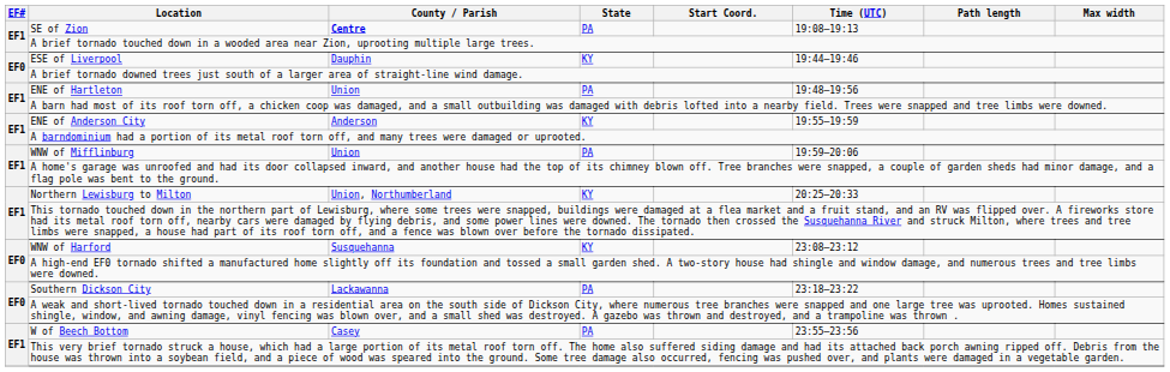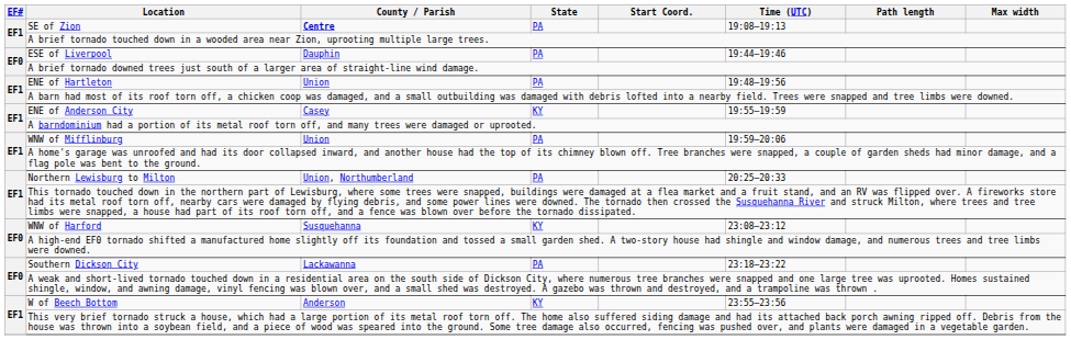 <table class="wikitable sortable" style="width:100%;">
 <tr>
 <th scope="col" width="2%" align="center"><a href='#'>EF#</a></th>
 <th scope="col" align="center" class="unsortable">Location</th>
 <th scope="col" align="center" class="unsortable">County / Parish</th>
 <th scope="col" align="center">State</th>
 <th scope="col" align="center">Start Coord.</th>
 <th scope="col" align="center">Time (<a href='#'>UTC</a>)</th>
 <th scope="col" align="center">Path length</th>
 <th scope="col" align="center">Max width</th>
 </tr>
 <tr>
 <th scope="row" rowspan="2" style="background-color:#">EF1</th>
 <td>SE of <a href='#'>Zion</a></td>
 <td><strong><a href='#'>Centre</a></strong></td>
 <td><a href='#'>PA</a></td>
 <td></td>
 <td>19:08–19:13</td>
 <td></td>
 <td></td>
 </tr>
 <tr class="expand-child">
 <td colspan="8" style=" border-bottom: 1px solid black;">A brief tornado touched down in a wooded area near Zion, uprooting multiple large trees.</td>
 </tr>
 <tr>
 <th scope="row" rowspan="2" style="background-color:#">EF0</th>
 <td>ESE of <a href='#'>Liverpool</a></td>
 <td><a href='#'>Dauphin</a></td>
-<td><a href='#'>KY</a></td>
+<td><a href='#'>PA</a></td>
 <td></td>
 <td>19:44–19:46</td>
 <td></td>
 <td></td>
 </tr>
 <tr class="expand-child">
 <td colspan="8" style=" border-bottom: 1px solid black;">A brief tornado downed trees just south of a larger area of straight-line wind damage.</td>
 </tr>
 <tr>
 <th scope="row" rowspan="2" style="background-color:#">EF1</th>
 <td>ENE of <a href='#'>Hartleton</a></td>
 <td><a href='#'>Union</a></td>
 <td><a href='#'>PA</a></td>
 <td></td>
 <td>19:48–19:56</td>
 <td></td>
 <td></td>
 </tr>
 <tr class="expand-child">
 <td colspan="8" style=" border-bottom: 1px solid black;">A barn had most of its roof torn off, a chicken coop was damaged, and a small outbuilding was damaged with debris lofted into a nearby field. Trees were snapped and tree limbs were downed.</td>
 </tr>
 <tr>
 <th scope="row" rowspan="2" style="background-color:#">EF1</th>
 <td>ENE of <a href='#'>Anderson City</a></td>
-<td><a href='#'>Anderson</a></td>
+<td><a href='#'>Casey</a></td>
 <td><a href='#'>KY</a></td>
 <td></td>
 <td>19:55–19:59</td>
 <td></td>
 <td></td>
 </tr>
 <tr class="expand-child">
 <td colspan="8" style=" border-bottom: 1px solid black;">A <a href='#'>barndominium</a> had a portion of its metal roof torn off, and many trees were damaged or uprooted.</td>
 </tr>
 <tr>
 <th scope="row" rowspan="2" style="background-color:#">EF1</th>
 <td>WNW of <a href='#'>Mifflinburg</a></td>
 <td><a href='#'>Union</a></td>
 <td><a href='#'>PA</a></td>
 <td></td>
 <td>19:59–20:06</td>
 <td></td>
 <td></td>
 </tr>
 <tr class="expand-child">
 <td colspan="8" style=" border-bottom: 1px solid black;">A home's garage was unroofed and had its door collapsed inward, and another house had the top of its chimney blown off. Tree branches were snapped, a couple of garden sheds had minor damage, and a flag pole was bent to the ground.</td>
 </tr>
 <tr>
 <th scope="row" rowspan="2" style="background-color:#">EF1</th>
 <td>Northern <a href='#'>Lewisburg</a> to <a href='#'>Milton</a></td>
 <td><a href='#'>Union</a>, <a href='#'>Northumberland</a></td>
-<td><a href='#'>KY</a></td>
+<td><a href='#'>PA</a></td>
 <td></td>
 <td>20:25–20:33</td>
 <td></td>
 <td></td>
 </tr>
 <tr class="expand-child">
 <td colspan="8" style=" border-bottom: 1px solid black;">This tornado touched down in the northern part of Lewisburg, where some trees were snapped, buildings were damaged at a flea market and a fruit stand, and an RV was flipped over. A fireworks store had its metal roof torn off, nearby cars were damaged by flying debris, and some power lines were downed. The tornado then crossed the <a href='#'>Susquehanna River</a> and struck Milton, where trees and tree limbs were snapped, a house had part of its roof torn off, and a fence was blown over before the tornado dissipated. </td>
 </tr>
 <tr>
 <th scope="row" rowspan="2" style="background-color:#">EF0</th>
 <td>WNW of <a href='#'>Harford</a></td>
 <td><a href='#'>Susquehanna</a></td>
 <td><a href='#'>KY</a></td>
 <td></td>
 <td>23:08–23:12</td>
 <td></td>
 <td></td>
 </tr>
 <tr class="expand-child">
 <td colspan="8" style=" border-bottom: 1px solid black;">A high-end EF0 tornado shifted a manufactured home slightly off its foundation and tossed a small garden shed. A two-story house had shingle and window damage, and numerous trees and tree limbs were downed.</td>
 </tr>
 <tr>
 <th scope="row" rowspan="2" style="background-color:#">EF0</th>
 <td>Southern <a href='#'>Dickson City</a></td>
 <td><a href='#'>Lackawanna</a></td>
 <td><a href='#'>PA</a></td>
 <td></td>
 <td>23:18–23:22</td>
 <td></td>
 <td></td>
 </tr>
 <tr class="expand-child">
 <td colspan="8" style=" border-bottom: 1px solid black;">A weak and short-lived tornado touched down in a residential area on the south side of Dickson City, where numerous tree branches were snapped and one large tree was uprooted. Homes sustained shingle, window, and awning damage, vinyl fencing was blown over, and a small shed was destroyed. A gazebo was thrown  and destroyed, and a trampoline was thrown .</td>
 </tr>
 <tr>
 <th scope="row" rowspan="2" style="background-color:#">EF1</th>
 <td>W of <a href='#'>Beech Bottom</a></td>
-<td><a href='#'>Casey</a></td>
-<td><a href='#'>PA</a></td>
+<td><a href='#'>Anderson</a></td>
+<td><a href='#'>KY</a></td>
 <td></td>
 <td>23:55–23:56</td>
 <td></td>
 <td></td>
 </tr>
 <tr class="expand-child">
 <td colspan="8" style=" border-bottom: 1px solid black;">This very brief tornado struck a house, which had a large portion of its metal roof torn off. The home also suffered siding damage and had its attached back porch awning ripped off. Debris from the house was thrown into a soybean field, and a piece of wood was speared into the ground. Some tree damage also occurred, fencing was pushed over, and plants were damaged in a vegetable garden.</td>
 </tr>
 <tr>
 </tr>
 </table>
